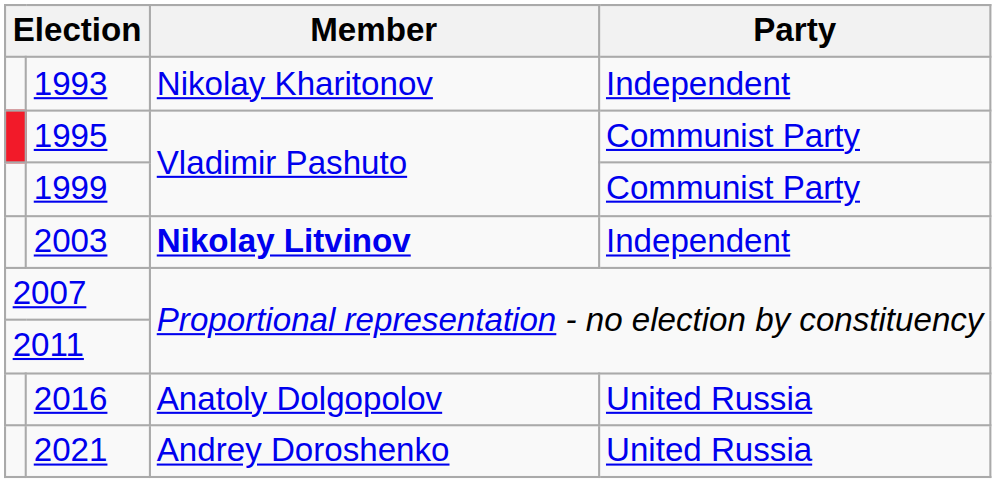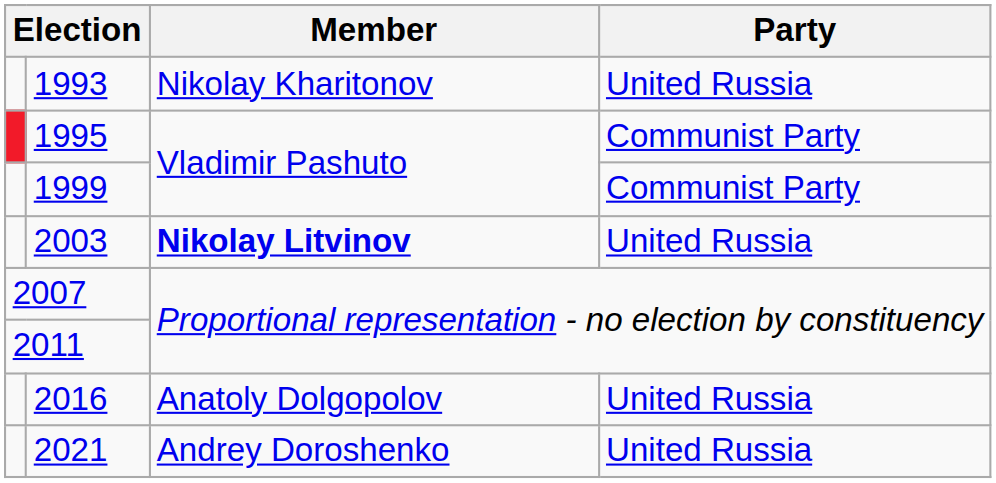 <table class="wikitable">
 <tr>
 <th colspan="2">Election</th>
 <th>Member</th>
 <th>Party</th>
 </tr>
 <tr>
 <td style="background-color: "></td>
 <td><a href='#'>1993</a></td>
 <td><a href='#'>Nikolay Kharitonov</a></td>
-<td><a href='#'>Independent</a></td>
+<td><a href='#'>United Russia</a></td>
 </tr>
 <tr>
 <td style="background-color:#F21A29"></td>
 <td><a href='#'>1995</a></td>
 <td rowspan=2><a href='#'>Vladimir Pashuto</a></td>
 <td><a href='#'>Communist Party</a></td>
 </tr>
 <tr>
 <td style="background-color: "></td>
 <td><a href='#'>1999</a></td>
 <td><a href='#'>Communist Party</a></td>
 </tr>
 <tr>
 <td style="background-color: "></td>
 <td><a href='#'>2003</a></td>
 <td><strong><a href='#'>Nikolay Litvinov</a></strong></td>
-<td><a href='#'>Independent</a></td>
+<td><a href='#'>United Russia</a></td>
 </tr>
 <tr>
 <td colspan=2><a href='#'>2007</a></td>
 <td colspan=2 rowspan=2><em><a href='#'>Proportional representation</a> - no election by constituency</em></td>
 </tr>
 <tr>
 <td colspan=2><a href='#'>2011</a></td>
 </tr>
 <tr>
 <td style="background-color: "></td>
 <td><a href='#'>2016</a></td>
 <td><a href='#'>Anatoly Dolgopolov</a></td>
 <td><a href='#'>United Russia</a></td>
 </tr>
 <tr>
 <td style="background-color: "></td>
 <td><a href='#'>2021</a></td>
 <td><a href='#'>Andrey Doroshenko</a></td>
 <td><a href='#'>United Russia</a></td>
 </tr>
 </table>
